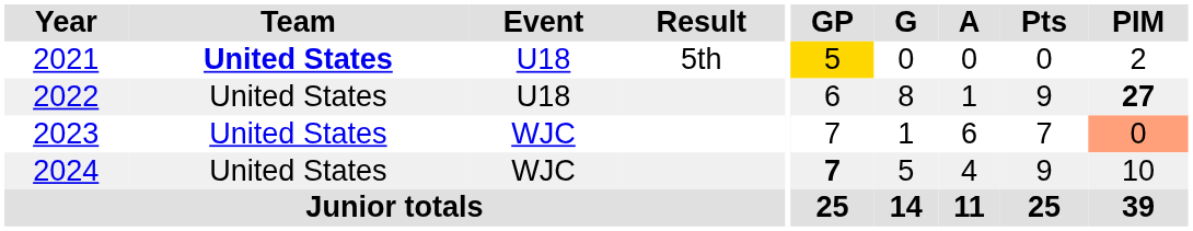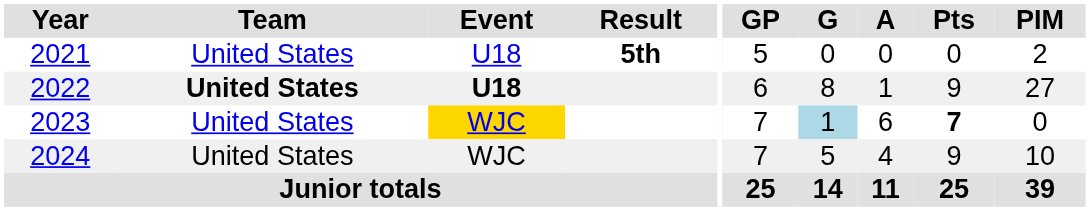 <table border="0" cellpadding="1" cellspacing="0" ID="Table3" style="text-align:center; width:40em;">
 <tr bgcolor="#e0e0e0">
 <th>Year</th>
 <th>Team</th>
 <th>Event</th>
 <th>Result</th>
 <th rowspan="98" bgcolor="#ffffff"></th>
 <th>GP</th>
 <th>G</th>
 <th>A</th>
 <th>Pts</th>
 <th>PIM</th>
 </tr>
 <tr>
 <td><a href='#'>2021</a></td>
-<td><strong><a href='#'>United States</a></strong></td>
+<td><a href='#'>United States</a></td>
 <td><a href='#'>U18</a></td>
-<td>5th</td>
-<td style="background: gold;">5</td>
+<td><strong>5th</strong></td>
+<td>5</td>
 <td>0</td>
 <td>0</td>
 <td>0</td>
 <td>2</td>
 </tr>
 <tr bgcolor="#f0f0f0">
 <td><a href='#'>2022</a></td>
-<td>United States</td>
-<td>U18</td>
+<td><strong>United States</strong></td>
+<td><strong>U18</strong></td>
 <td></td>
 <td>6</td>
 <td>8</td>
 <td>1</td>
 <td>9</td>
-<td><strong>27</strong></td>
+<td>27</td>
 </tr>
 <tr>
 <td><a href='#'>2023</a></td>
 <td><a href='#'>United States</a></td>
-<td><a href='#'>WJC</a></td>
+<td style="background: gold;"><a href='#'>WJC</a></td>
 <td></td>
 <td>7</td>
-<td>1</td>
+<td style="background: lightblue;">1</td>
 <td>6</td>
-<td>7</td>
-<td style="background: lightsalmon;">0</td>
+<td><strong>7</strong></td>
+<td>0</td>
 </tr>
 <tr bgcolor="#f0f0f0">
 <td><a href='#'>2024</a></td>
 <td>United States</td>
 <td>WJC</td>
 <td></td>
-<td><strong>7</strong></td>
+<td>7</td>
 <td>5</td>
 <td>4</td>
 <td>9</td>
 <td>10</td>
 </tr>
 <tr bgcolor="#e0e0e0">
 <th colspan="4">Junior totals</th>
 <th>25</th>
 <th>14</th>
 <th>11</th>
 <th>25</th>
 <th>39</th>
 </tr>
 </table>
